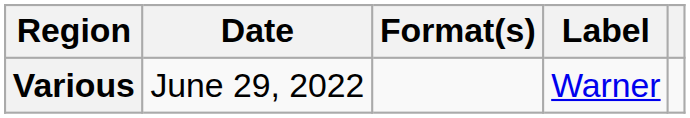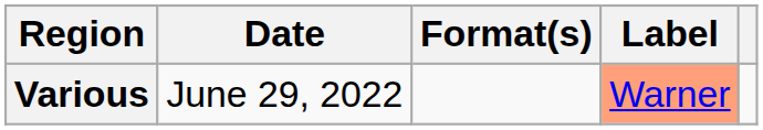 <table class="wikitable plainrowheaders">
 <tr>
 <th scope="col">Region</th>
 <th scope="col">Date</th>
 <th scope="col">Format(s)</th>
 <th scope="col">Label</th>
 <th scope="col"></th>
 </tr>
 <tr>
 <th rowspan="2" scope="row">Various</th>
 <td>June 29, 2022</td>
 <td></td>
-<td><a href='#'>Warner</a></td>
+<td style="background: lightsalmon;"><a href='#'>Warner</a></td>
 <td style="text-align:center;"></td>
 </tr>
 </table>
